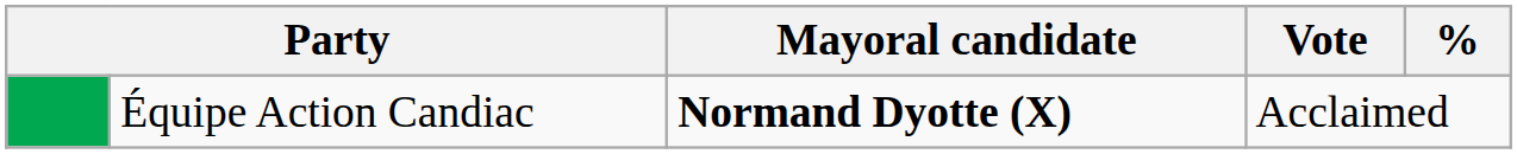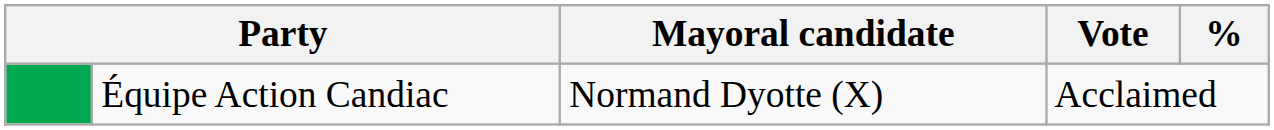 <table class="wikitable">
 <tr>
 <th bgcolor="#DDDDFF" width="230px" colspan="2">Party</th>
 <th bgcolor="#DDDDFF" width="200px">Mayoral candidate</th>
 <th bgcolor="#DDDDFF" width="50px">Vote</th>
 <th bgcolor="#DDDDFF" width="30px">%</th>
 </tr>
 <tr>
 <td bgcolor=#00A850 width="30px"> </td>
 <td>Équipe Action Candiac</td>
-<td><strong>Normand Dyotte (X)</strong></td>
+<td>Normand Dyotte (X)</td>
 <td colspan="2">Acclaimed</td>
 </tr>
 </table>
